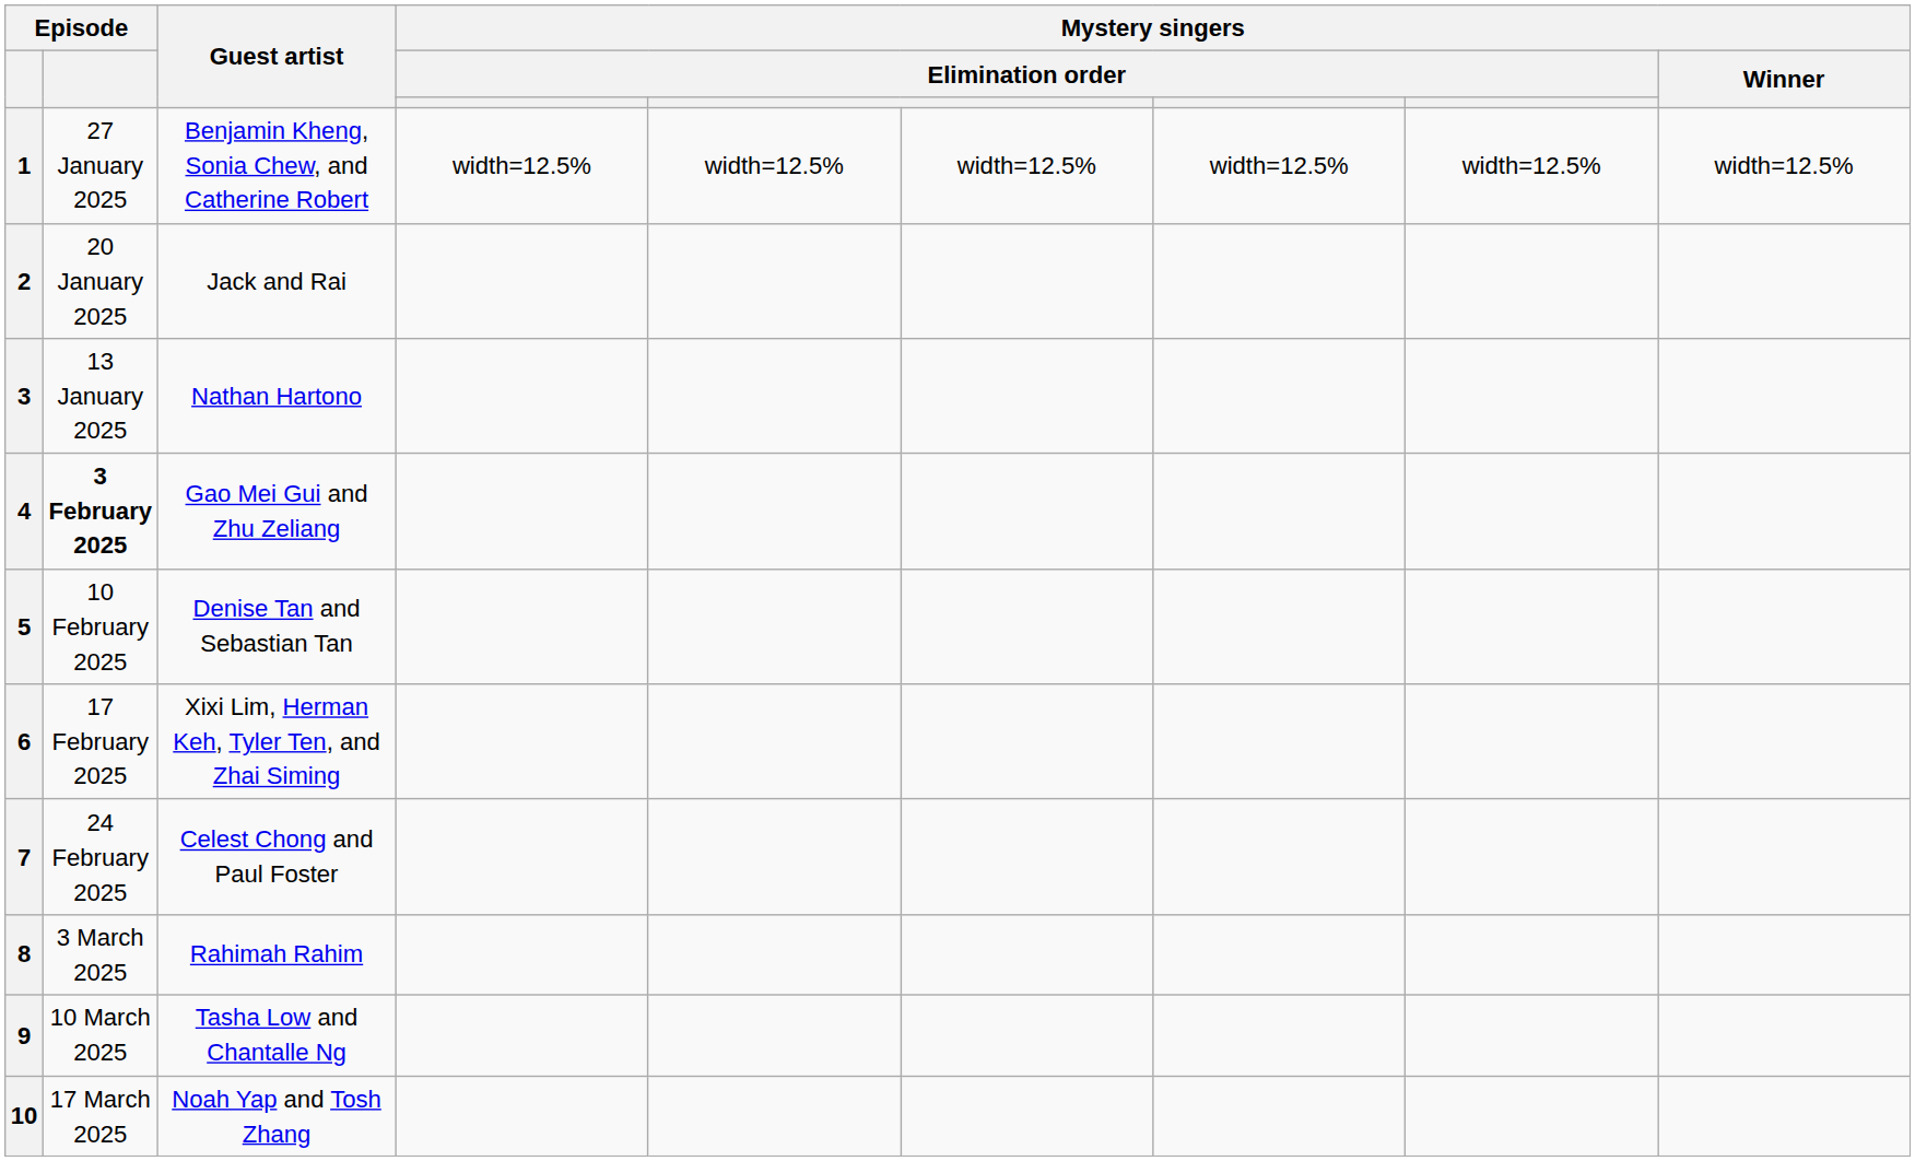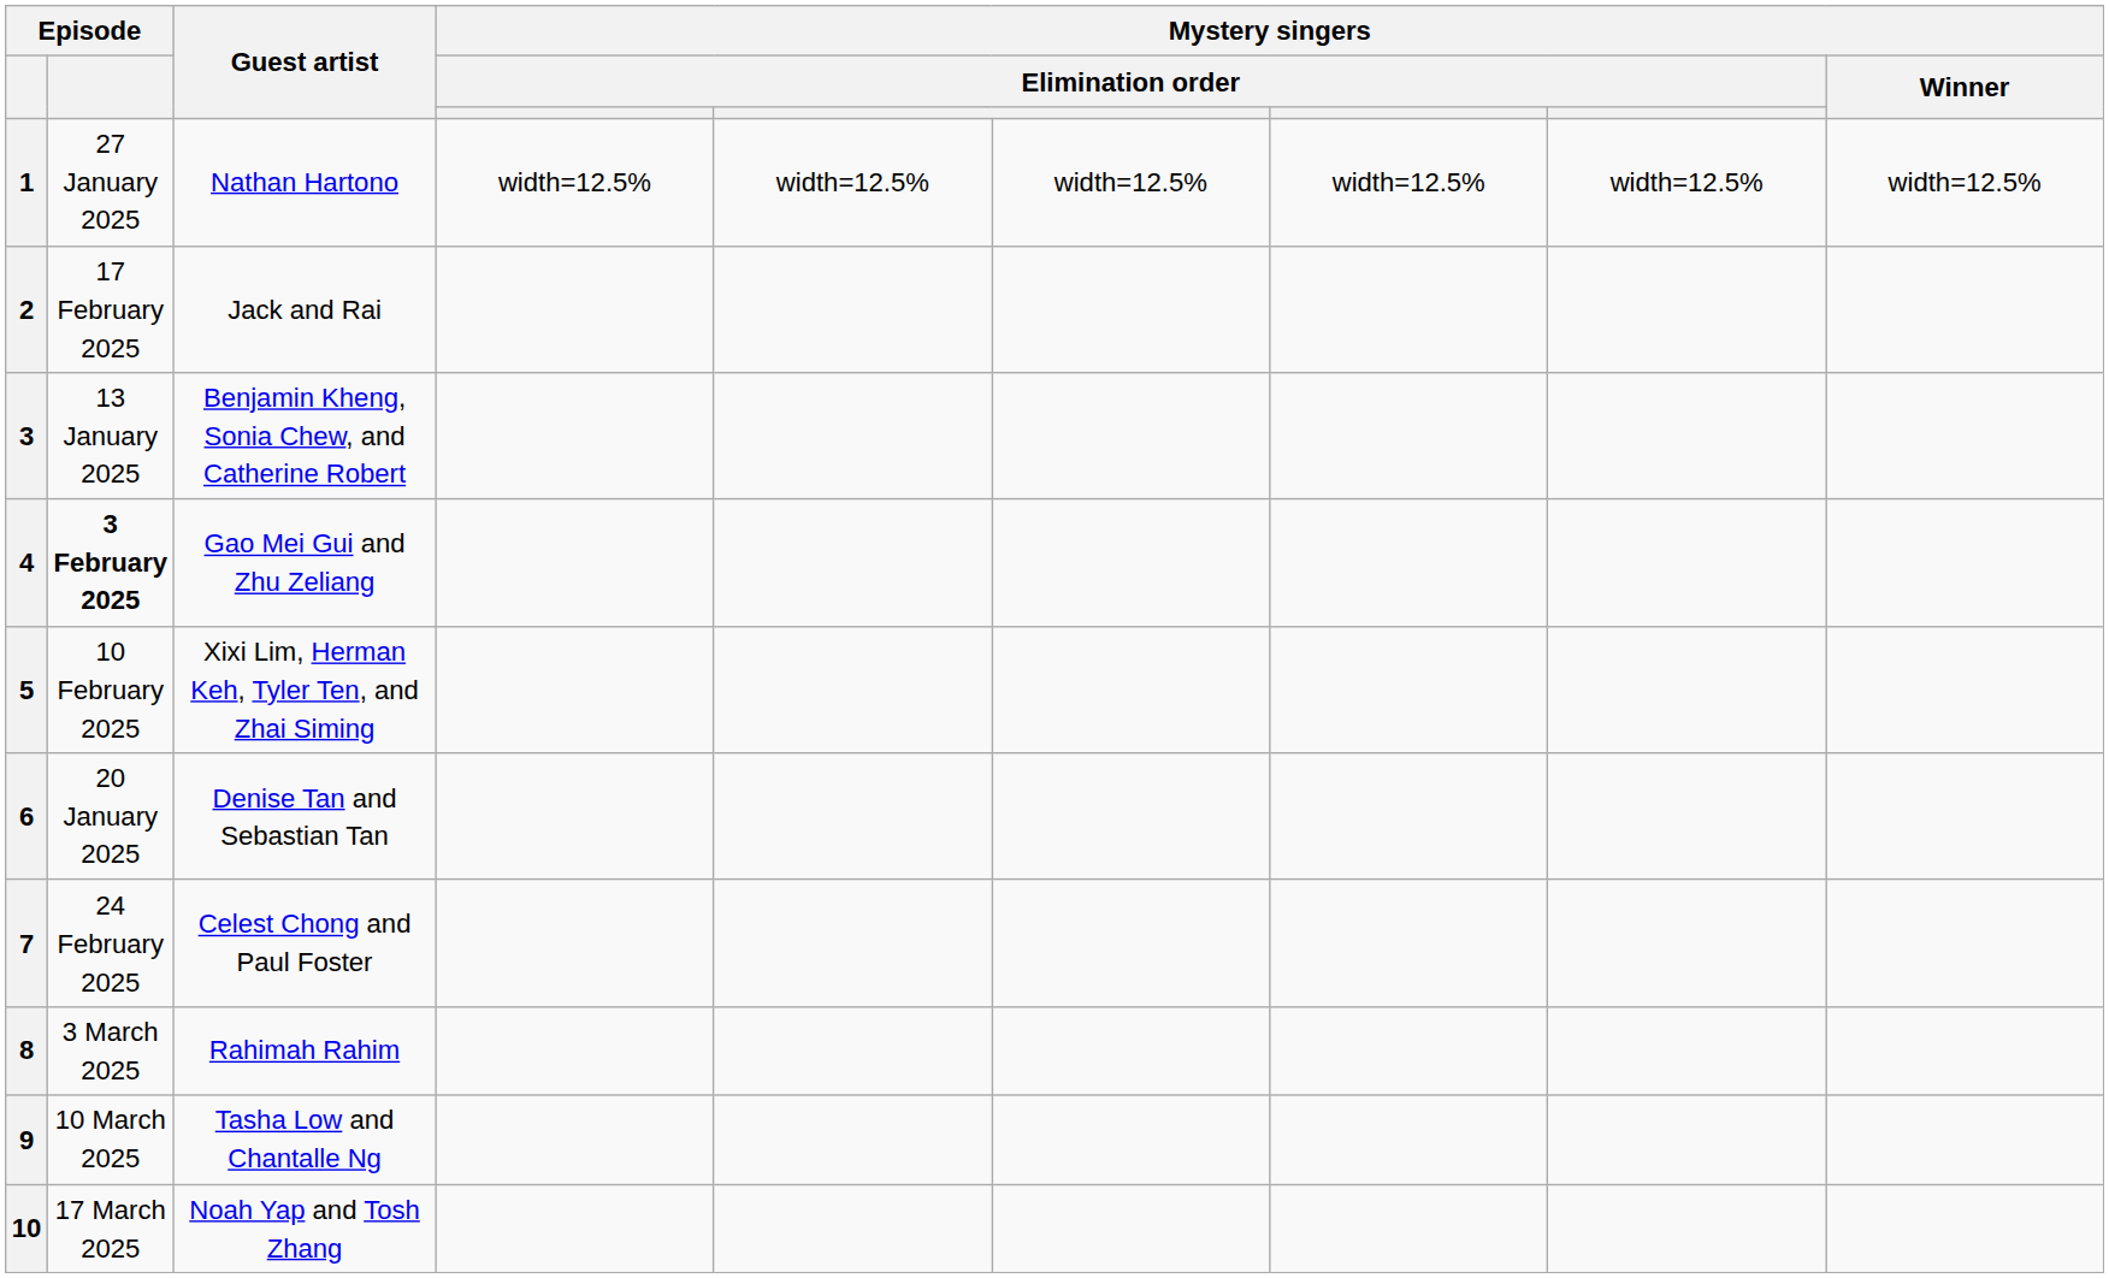 <table class="wikitable plainrowheaders mw-collapsible" style="text-align:center; line-height:23px; width:100%;">
 <tr>
 <th colspan="2" width="1%">Episode</th>
 <th rowspan="3" width="12.5%">Guest artist</th>
 <th colspan="6">Mystery singers<br></th>
 </tr>
 <tr>
 <th rowspan="2"></th>
 <th rowspan="2"></th>
 <th colspan="5">Elimination order</th>
 <th rowspan="2">Winner</th>
 </tr>
 <tr>
 <th></th>
 <th colspan="2"></th>
 <th></th>
 <th></th>
 </tr>
 <tr>
 <th>1</th>
 <td>27 January 2025</td>
-<td><a href='#'>Benjamin Kheng</a>, <a href='#'>Sonia Chew</a>, and <a href='#'>Catherine Robert</a></td>
+<td><a href='#'>Nathan Hartono</a></td>
 <td>width=12.5% </td>
 <td>width=12.5% </td>
 <td>width=12.5% </td>
 <td>width=12.5% </td>
 <td>width=12.5% </td>
 <td>width=12.5% </td>
 </tr>
 <tr>
 <th>2</th>
-<td>20 January 2025</td>
+<td>17 February 2025</td>
 <td>Jack and Rai<br></td>
 <td></td>
 <td></td>
 <td></td>
 <td></td>
 <td></td>
 <td></td>
 </tr>
 <tr>
 <th>3</th>
 <td>13 January 2025</td>
-<td><a href='#'>Nathan Hartono</a></td>
+<td><a href='#'>Benjamin Kheng</a>, <a href='#'>Sonia Chew</a>, and <a href='#'>Catherine Robert</a></td>
 <td></td>
 <td></td>
 <td></td>
 <td></td>
 <td></td>
 <td></td>
 </tr>
 <tr>
 <th>4</th>
 <td><strong>3 February 2025</strong></td>
 <td><a href='#'>Gao Mei Gui</a> and <a href='#'>Zhu Zeliang</a></td>
 <td></td>
 <td></td>
 <td></td>
 <td></td>
 <td></td>
 <td></td>
 </tr>
 <tr>
 <th>5</th>
 <td>10 February 2025</td>
-<td><a href='#'>Denise Tan</a> and Sebastian Tan</td>
+<td>Xixi Lim, <a href='#'>Herman Keh</a>, <a href='#'>Tyler Ten</a>, and <a href='#'>Zhai Siming</a></td>
 <td></td>
 <td></td>
 <td></td>
 <td></td>
 <td></td>
 <td></td>
 </tr>
 <tr>
 <th>6</th>
-<td>17 February 2025</td>
-<td>Xixi Lim, <a href='#'>Herman Keh</a>, <a href='#'>Tyler Ten</a>, and <a href='#'>Zhai Siming</a></td>
+<td>20 January 2025</td>
+<td><a href='#'>Denise Tan</a> and Sebastian Tan</td>
 <td></td>
 <td></td>
 <td></td>
 <td></td>
 <td></td>
 <td></td>
 </tr>
 <tr>
 <th>7</th>
 <td>24 February 2025</td>
 <td><a href='#'>Celest Chong</a> and Paul Foster</td>
 <td></td>
 <td></td>
 <td></td>
 <td></td>
 <td></td>
 <td></td>
 </tr>
 <tr>
 <th>8</th>
 <td>3 March 2025</td>
 <td><a href='#'>Rahimah Rahim</a><br></td>
 <td></td>
 <td></td>
 <td></td>
 <td></td>
 <td></td>
 <td></td>
 </tr>
 <tr>
 <th>9</th>
 <td>10 March 2025</td>
 <td><a href='#'>Tasha Low</a> and <a href='#'>Chantalle Ng</a></td>
 <td></td>
 <td></td>
 <td></td>
 <td></td>
 <td></td>
 <td></td>
 </tr>
 <tr>
 <th>10</th>
 <td>17 March 2025</td>
 <td><a href='#'>Noah Yap</a> and <a href='#'>Tosh Zhang</a></td>
 <td></td>
 <td></td>
 <td></td>
 <td></td>
 <td></td>
 <td></td>
 </tr>
 </table>
